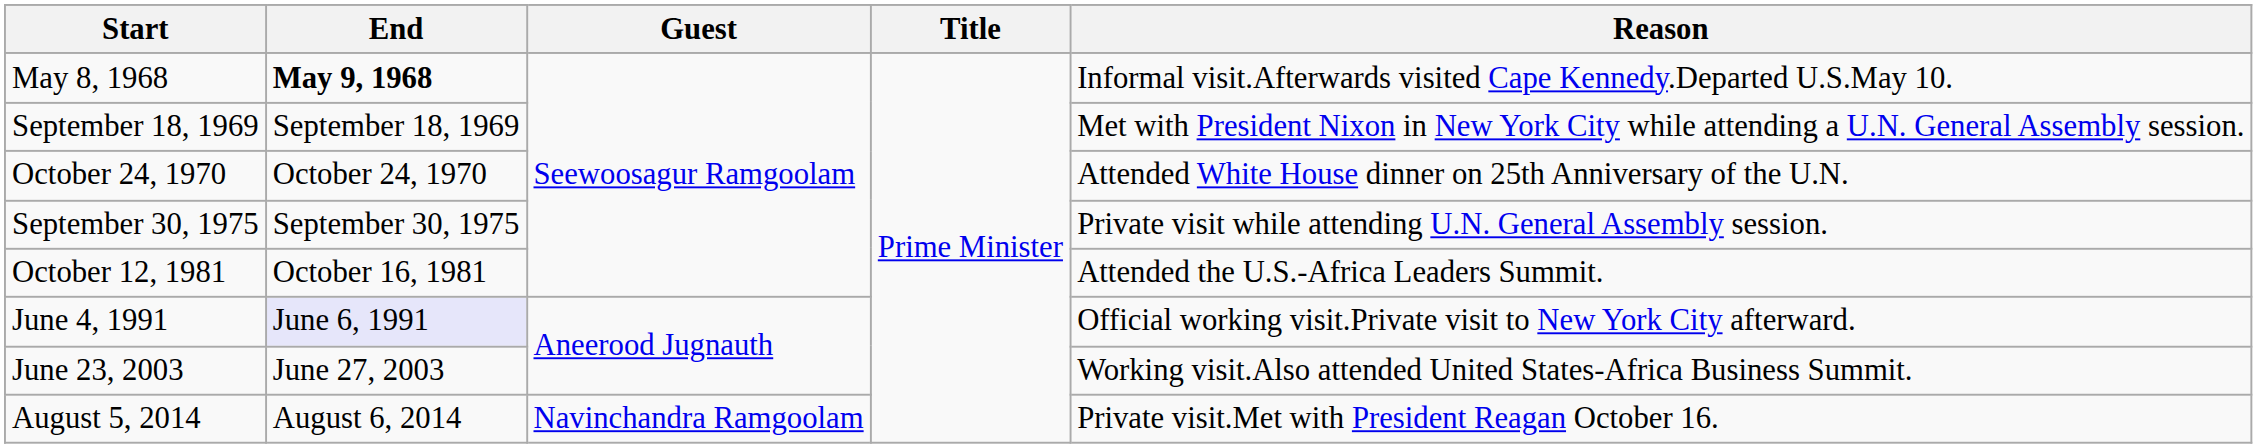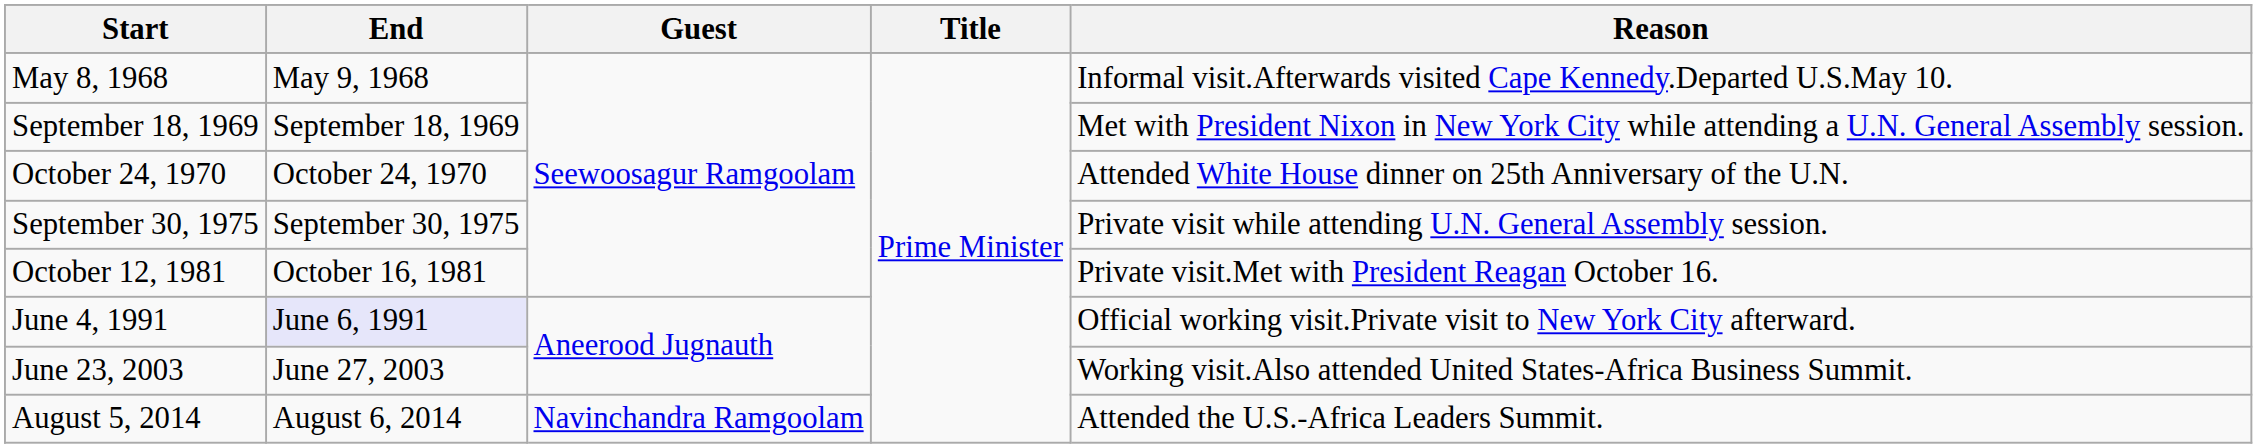 <table class="wikitable sortable">
 <tr>
 <th>Start</th>
 <th>End</th>
 <th>Guest</th>
 <th>Title</th>
 <th>Reason</th>
 </tr>
 <tr>
 <td>May 8, 1968</td>
-<td><strong>May 9, 1968</strong></td>
+<td>May 9, 1968</td>
 <td rowspan="5"><a href='#'>Seewoosagur Ramgoolam</a></td>
 <td rowspan="8"><a href='#'>Prime Minister</a></td>
 <td>Informal visit.Afterwards visited <a href='#'>Cape Kennedy</a>.Departed U.S.May 10.</td>
 </tr>
 <tr>
 <td>September 18, 1969</td>
 <td>September 18, 1969</td>
 <td>Met with <a href='#'>President Nixon</a> in <a href='#'>New York City</a> while attending a <a href='#'>U.N. General Assembly</a> session.</td>
 </tr>
 <tr>
 <td>October 24, 1970</td>
 <td>October 24, 1970</td>
 <td>Attended <a href='#'>White House</a> dinner on 25th Anniversary of the U.N.</td>
 </tr>
 <tr>
 <td>September 30, 1975</td>
 <td>September 30, 1975</td>
 <td>Private visit while attending <a href='#'>U.N. General Assembly</a> session.</td>
 </tr>
 <tr>
 <td>October 12, 1981</td>
 <td>October 16, 1981</td>
-<td>Attended the U.S.-Africa Leaders Summit.</td>
+<td>Private visit.Met with <a href='#'>President Reagan</a> October 16.</td>
 </tr>
 <tr>
 <td>June 4, 1991</td>
 <td style="background: lavender;">June 6, 1991</td>
 <td rowspan="2"><a href='#'>Aneerood Jugnauth</a></td>
 <td>Official working visit.Private visit to <a href='#'>New York City</a> afterward.</td>
 </tr>
 <tr>
 <td>June 23, 2003</td>
 <td>June 27, 2003</td>
 <td>Working visit.Also attended United States-Africa Business Summit.</td>
 </tr>
 <tr>
 <td>August 5, 2014</td>
 <td>August 6, 2014</td>
 <td><a href='#'>Navinchandra Ramgoolam</a></td>
-<td>Private visit.Met with <a href='#'>President Reagan</a> October 16.</td>
+<td>Attended the U.S.-Africa Leaders Summit.</td>
 </tr>
 </table>
